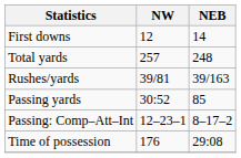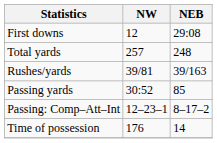 <table class="wikitable" style="float: left;">
 <tr>
 <th>Statistics</th>
 <th>NW</th>
 <th>NEB</th>
 </tr>
 <tr>
 <td>First downs</td>
 <td>12</td>
-<td>14</td>
+<td>29:08</td>
 </tr>
 <tr>
 <td>Total yards</td>
 <td>257</td>
 <td>248</td>
 </tr>
 <tr>
 <td>Rushes/yards</td>
 <td>39/81</td>
 <td>39/163</td>
 </tr>
 <tr>
 <td>Passing yards</td>
 <td>30:52</td>
 <td>85</td>
 </tr>
 <tr>
 <td>Passing: Comp–Att–Int</td>
 <td>12–23–1</td>
 <td>8–17–2</td>
 </tr>
 <tr>
 <td>Time of possession</td>
 <td>176</td>
-<td>29:08</td>
+<td>14</td>
 </tr>
 <tr>
 </tr>
 </table>
